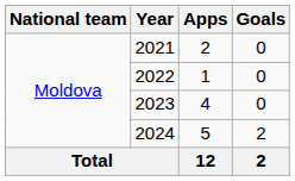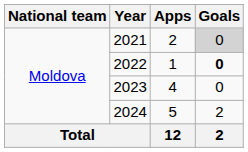 <table class="wikitable" style="text-align:center">
 <tr>
 <th>National team</th>
 <th>Year</th>
 <th>Apps</th>
 <th>Goals</th>
 </tr>
 <tr>
 <td rowspan="4"><a href='#'>Moldova</a></td>
 <td>2021</td>
 <td>2</td>
-<td>0</td>
+<td style="background: lightgrey;">0</td>
 </tr>
 <tr>
 <td>2022</td>
 <td>1</td>
-<td>0</td>
+<td><strong>0</strong></td>
 </tr>
 <tr>
 <td>2023</td>
 <td>4</td>
 <td>0</td>
 </tr>
 <tr>
 <td>2024</td>
 <td>5</td>
 <td>2</td>
 </tr>
 <tr>
 <th colspan=2>Total</th>
 <th>12</th>
 <th>2</th>
 </tr>
 </table>
